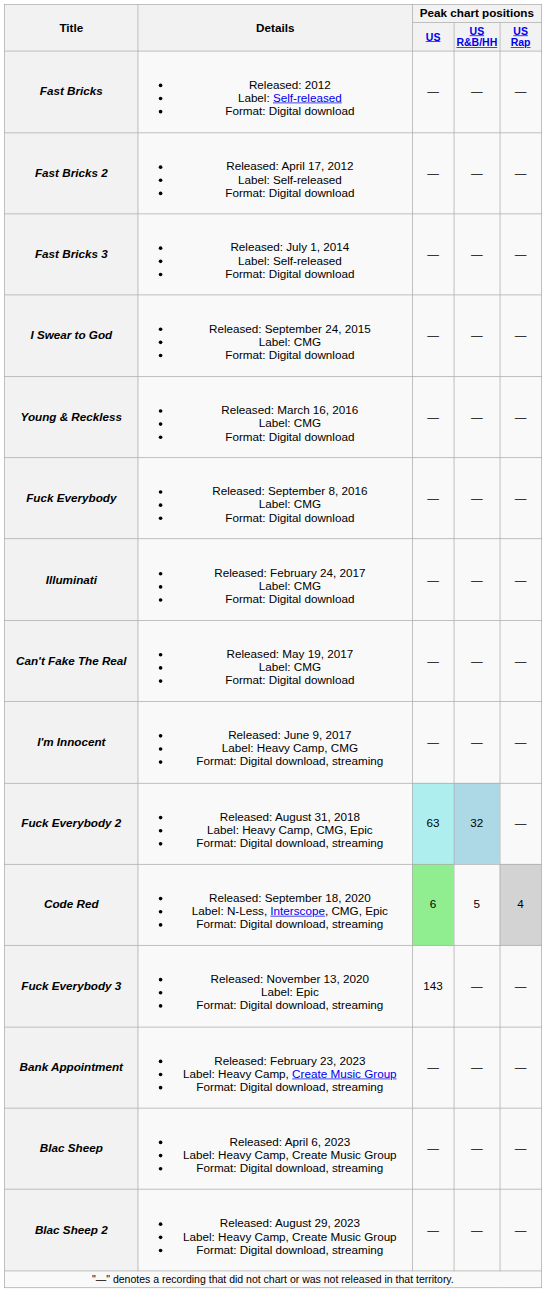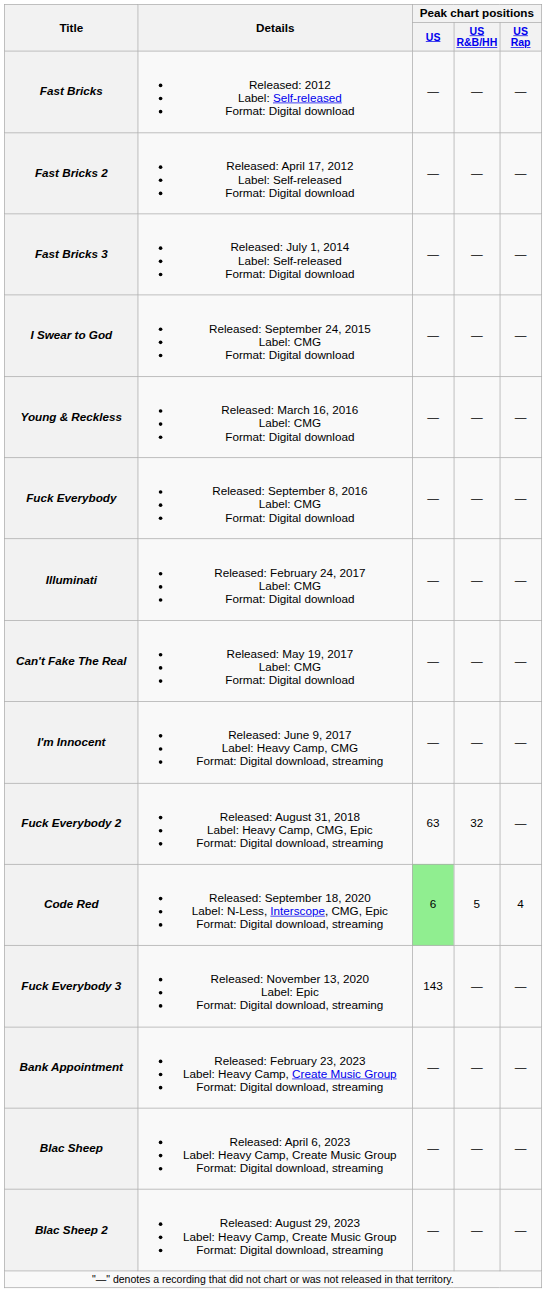 <table class="wikitable plainrowheaders" style="text-align:center;">
 <tr>
 <th scope="col" rowspan="2" style="width:11em;">Title</th>
 <th scope="col" rowspan="2" style="width:23em;">Details</th>
 <th scope="col" colspan="3">Peak chart positions</th>
 </tr>
 <tr>
 <th scope="col" style="width:3.5em;font-size:90%;"><a href='#'>US</a><br></th>
 <th scope="col" style="width:3.5em;font-size:90%;"><a href='#'>US<br>R&B/HH</a><br></th>
 <th scope="col" style="width:3.5em;font-size:90%;"><a href='#'>US<br>Rap</a><br></th>
 </tr>
 <tr>
 <th scope="row"><em>Fast Bricks</em></th>
 <td><br><ul><li>Released: 2012</li><li>Label: <a href='#'>Self-released</a></li><li>Format: Digital download</li></ul></td>
 <td>—</td>
 <td>—</td>
 <td>—</td>
 </tr>
 <tr>
 <th scope="row"><em>Fast Bricks 2</em></th>
 <td><br><ul><li>Released: April 17, 2012</li><li>Label: Self-released</li><li>Format: Digital download</li></ul></td>
 <td>—</td>
 <td>—</td>
 <td>—</td>
 </tr>
 <tr>
 <th scope="row"><em>Fast Bricks 3</em></th>
 <td><br><ul><li>Released: July 1, 2014</li><li>Label: Self-released</li><li>Format: Digital download</li></ul></td>
 <td>—</td>
 <td>—</td>
 <td>—</td>
 </tr>
 <tr>
 <th scope="row"><em>I Swear to God</em></th>
 <td><br><ul><li>Released: September 24, 2015</li><li>Label: CMG</li><li>Format: Digital download</li></ul></td>
 <td>—</td>
 <td>—</td>
 <td>—</td>
 </tr>
 <tr>
 <th scope="row"><em>Young & Reckless</em></th>
 <td><br><ul><li>Released: March 16, 2016</li><li>Label: CMG</li><li>Format: Digital download</li></ul></td>
 <td>—</td>
 <td>—</td>
 <td>—</td>
 </tr>
 <tr>
 <th scope="row"><em>Fuck Everybody</em></th>
 <td><br><ul><li>Released: September 8, 2016</li><li>Label: CMG</li><li>Format: Digital download</li></ul></td>
 <td>—</td>
 <td>—</td>
 <td>—</td>
 </tr>
 <tr>
 <th scope="row"><em>Illuminati</em></th>
 <td><br><ul><li>Released: February 24, 2017</li><li>Label: CMG</li><li>Format: Digital download</li></ul></td>
 <td>—</td>
 <td>—</td>
 <td>—</td>
 </tr>
 <tr>
 <th scope="row"><em>Can't Fake The Real</em><em><br></em></th>
 <td><br><ul><li>Released: May 19, 2017</li><li>Label: CMG</li><li>Format: Digital download</li></ul></td>
 <td>—</td>
 <td>—</td>
 <td>—</td>
 </tr>
 <tr>
 <th scope="row"><em>I'm Innocent</em></th>
 <td><br><ul><li>Released: June 9, 2017</li><li>Label: Heavy Camp, CMG</li><li>Format: Digital download, streaming</li></ul></td>
 <td>—</td>
 <td>—</td>
 <td>—</td>
 </tr>
 <tr>
 <th scope="row"><em>Fuck Everybody 2</em></th>
 <td><br><ul><li>Released: August 31, 2018</li><li>Label: Heavy Camp, CMG, Epic</li><li>Format: Digital download, streaming</li></ul></td>
-<td style="background: paleturquoise;">63</td>
-<td style="background: lightblue;">32</td>
+<td>63</td>
+<td>32</td>
 <td>—</td>
 </tr>
 <tr>
 <th scope="row"><em>Code Red</em><br></th>
 <td><br><ul><li>Released: September 18, 2020</li><li>Label: N-Less, <a href='#'>Interscope</a>, CMG, Epic</li><li>Format: Digital download, streaming</li></ul></td>
 <td style="background: lightgreen;">6</td>
 <td>5</td>
-<td style="background: lightgrey;">4</td>
+<td>4</td>
 </tr>
 <tr>
 <th scope="row"><em>Fuck Everybody 3</em></th>
 <td><br><ul><li>Released: November 13, 2020</li><li>Label: Epic</li><li>Format: Digital download, streaming</li></ul></td>
 <td>143</td>
 <td>—</td>
 <td>—</td>
 </tr>
 <tr>
 <th scope="row"><em>Bank Appointment</em></th>
 <td><br><ul><li>Released: February 23, 2023</li><li>Label: Heavy Camp, <a href='#'>Create Music Group</a></li><li>Format: Digital download, streaming</li></ul></td>
 <td>—</td>
 <td>—</td>
 <td>—</td>
 </tr>
 <tr>
 <th scope="row"><em>Blac Sheep</em></th>
 <td><br><ul><li>Released: April 6, 2023</li><li>Label: Heavy Camp, Create Music Group</li><li>Format: Digital download, streaming</li></ul></td>
 <td>—</td>
 <td>—</td>
 <td>—</td>
 </tr>
 <tr>
 <th scope="row"><em>Blac Sheep 2</em></th>
 <td><br><ul><li>Released: August 29, 2023</li><li>Label: Heavy Camp, Create Music Group</li><li>Format: Digital download, streaming</li></ul></td>
 <td>—</td>
 <td>—</td>
 <td>—</td>
 </tr>
 <tr>
 <td colspan="6" style="font-size:90%">"—" denotes a recording that did not chart or was not released in that territory.</td>
 </tr>
 </table>
